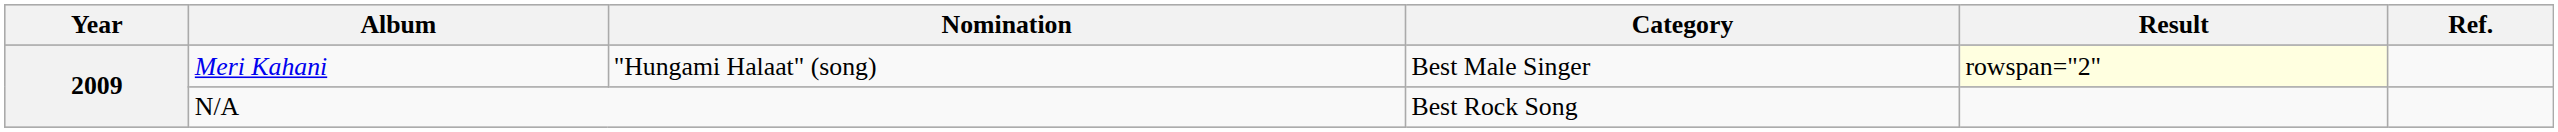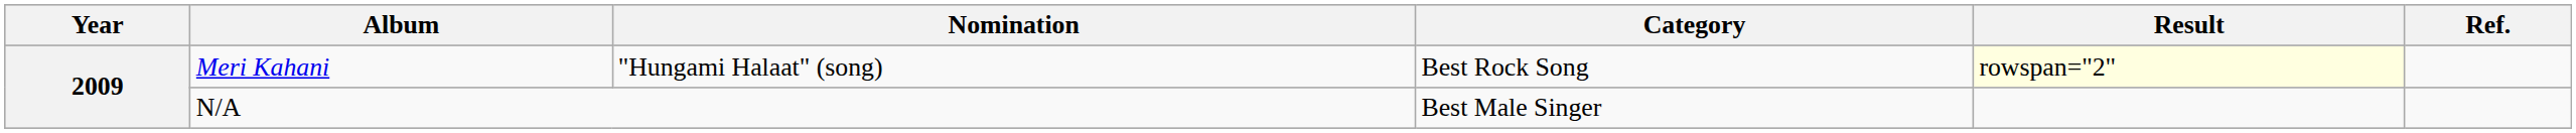 <table class="wikitable plainrowheaders" width="100%" "textcolor:#000;">
 <tr>
 <th>Year</th>
 <th>Album</th>
 <th>Nomination</th>
 <th>Category</th>
 <th>Result</th>
 <th>Ref.</th>
 </tr>
 <tr>
 <th rowspan="2">2009</th>
 <td><em><a href='#'>Meri Kahani</a></em></td>
 <td>"Hungami Halaat" (song)</td>
-<td>Best Male Singer</td>
+<td>Best Rock Song</td>
 <td style="background: lightyellow;">rowspan="2" </td>
 <td></td>
 </tr>
 <tr>
 <td colspan="2">N/A</td>
-<td>Best Rock Song</td>
+<td>Best Male Singer</td>
 <td></td>
 </tr>
 </table>
